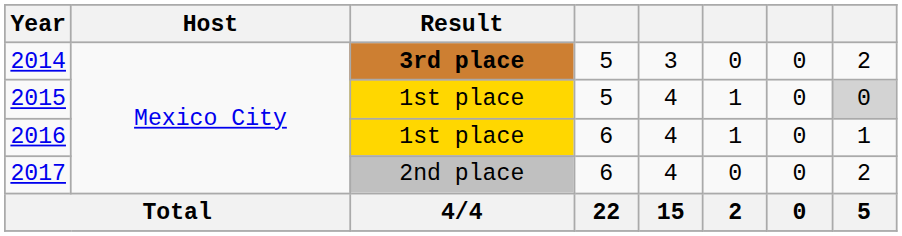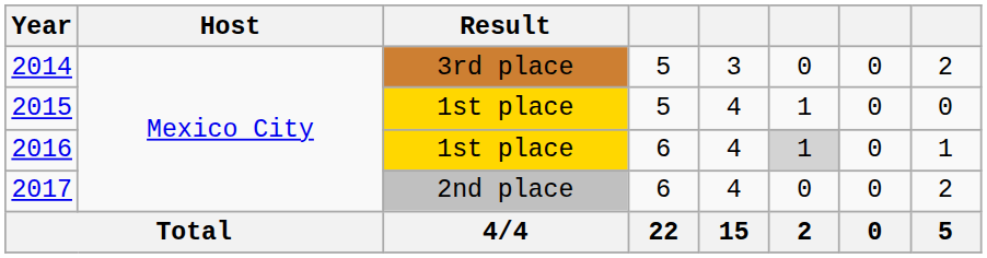 <table class="wikitable" style="text-align:center">
 <tr>
 <th width=30>Year</th>
 <th width=150>Host</th>
 <th width=120>Result</th>
 <th width=30></th>
 <th width=30></th>
 <th width=30></th>
 <th width=30></th>
 <th width=30></th>
 </tr>
 <tr>
 <td><a href='#'>2014</a></td>
 <td rowspan=4> <a href='#'>Mexico City</a></td>
-<td bgcolor="#CD7F32"><strong> 3rd place</strong></td>
+<td bgcolor="#CD7F32"> 3rd place</td>
 <td>5</td>
 <td>3</td>
 <td>0</td>
 <td>0</td>
 <td>2</td>
 </tr>
 <tr>
 <td><a href='#'>2015</a></td>
 <td bgcolor="gold"> 1st place</td>
 <td>5</td>
 <td>4</td>
 <td>1</td>
 <td>0</td>
-<td style="background: lightgrey;">0</td>
+<td>0</td>
 </tr>
 <tr>
 <td><a href='#'>2016</a></td>
 <td bgcolor="gold"> 1st place</td>
 <td>6</td>
 <td>4</td>
-<td>1</td>
+<td style="background: lightgrey;">1</td>
 <td>0</td>
 <td>1</td>
 </tr>
 <tr>
 <td><a href='#'>2017</a></td>
 <td bgcolor="silver"> 2nd place</td>
 <td>6</td>
 <td>4</td>
 <td>0</td>
 <td>0</td>
 <td>2</td>
 </tr>
 <tr>
 <th colspan=2>Total</th>
 <th>4/4</th>
 <th>22</th>
 <th>15</th>
 <th>2</th>
 <th>0</th>
 <th>5</th>
 </tr>
 </table>
